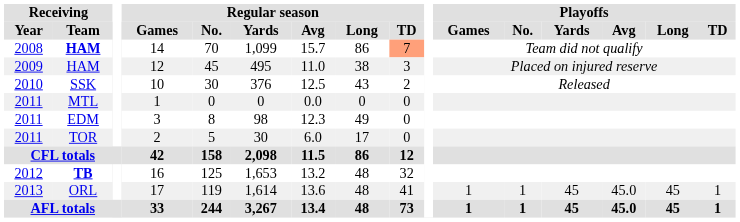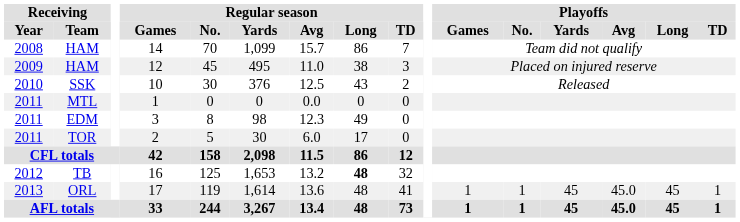 <table BORDER="0" CELLPADDING="1" CELLSPACING="0" width="65%" style="text-align:center">
 <tr bgcolor="#e0e0e0">
 <th colspan="2">Receiving</th>
 <th rowspan="99" bgcolor="#ffffff"> </th>
 <th colspan="6">Regular season</th>
 <th rowspan="99" bgcolor="#ffffff"> </th>
 <th colspan="6">Playoffs</th>
 </tr>
 <tr bgcolor="#e0e0e0">
 <th>Year</th>
 <th>Team</th>
 <th>Games</th>
 <th>No.</th>
 <th>Yards</th>
 <th>Avg</th>
 <th>Long</th>
 <th>TD</th>
 <th>Games</th>
 <th>No.</th>
 <th>Yards</th>
 <th>Avg</th>
 <th>Long</th>
 <th>TD</th>
 </tr>
 <tr ALIGN="center">
 <td><a href='#'>2008</a></td>
-<td><strong><a href='#'>HAM</a></strong></td>
+<td><a href='#'>HAM</a></td>
 <td>14</td>
 <td>70</td>
 <td>1,099</td>
 <td>15.7</td>
 <td>86</td>
-<td style="background: lightsalmon;">7</td>
+<td>7</td>
 <td colspan="6"><em>Team did not qualify</em></td>
 </tr>
 <tr ALIGN="center" bgcolor="#f0f0f0">
 <td><a href='#'>2009</a></td>
 <td><a href='#'>HAM</a></td>
 <td>12</td>
 <td>45</td>
 <td>495</td>
 <td>11.0</td>
 <td>38</td>
 <td>3</td>
 <td colspan="6"><em>Placed on injured reserve</em></td>
 </tr>
 <tr ALIGN="center">
 <td><a href='#'>2010</a></td>
 <td><a href='#'>SSK</a></td>
 <td>10</td>
 <td>30</td>
 <td>376</td>
 <td>12.5</td>
 <td>43</td>
 <td>2</td>
 <td colspan="6"><em>Released</em></td>
 </tr>
 <tr ALIGN="center" bgcolor="#f0f0f0">
 <td><a href='#'>2011</a></td>
 <td><a href='#'>MTL</a></td>
 <td>1</td>
 <td>0</td>
 <td>0</td>
 <td>0.0</td>
 <td>0</td>
 <td>0</td>
 <td colspan="6"></td>
 </tr>
 <tr ALIGN="center">
 <td><a href='#'>2011</a></td>
 <td><a href='#'>EDM</a></td>
 <td>3</td>
 <td>8</td>
 <td>98</td>
 <td>12.3</td>
 <td>49</td>
 <td>0</td>
 <td colspan="6"></td>
 </tr>
 <tr ALIGN="center" bgcolor="#f0f0f0">
 <td><a href='#'>2011</a></td>
 <td><a href='#'>TOR</a></td>
 <td>2</td>
 <td>5</td>
 <td>30</td>
 <td>6.0</td>
 <td>17</td>
 <td>0</td>
 <td colspan="6"></td>
 </tr>
 <tr bgcolor="#e0e0e0">
 <th colspan="3"><a href='#'>CFL totals</a></th>
 <th>42</th>
 <th>158</th>
 <th>2,098</th>
 <th>11.5</th>
 <th>86</th>
 <th>12</th>
 <td colspan="6"></td>
 </tr>
 <tr ALIGN="center">
 <td><a href='#'>2012</a></td>
-<td><strong><a href='#'>TB</a></strong></td>
+<td><a href='#'>TB</a></td>
 <td>16</td>
 <td>125</td>
 <td>1,653</td>
 <td>13.2</td>
-<td>48</td>
+<td><strong>48</strong></td>
 <td>32</td>
 <td colspan="6"></td>
 </tr>
 <tr ALIGN="center" bgcolor="#f0f0f0">
 <td><a href='#'>2013</a></td>
 <td><a href='#'>ORL</a></td>
 <td>17</td>
 <td>119</td>
 <td>1,614</td>
 <td>13.6</td>
 <td>48</td>
 <td>41</td>
 <td>1</td>
 <td>1</td>
 <td>45</td>
 <td>45.0</td>
 <td>45</td>
 <td>1</td>
 </tr>
 <tr bgcolor="#e0e0e0">
 <th colspan="3"><a href='#'>AFL totals</a></th>
 <th>33</th>
 <th>244</th>
 <th>3,267</th>
 <th>13.4</th>
 <th>48</th>
 <th>73</th>
 <th>1</th>
 <th>1</th>
 <th>45</th>
 <th>45.0</th>
 <th>45</th>
 <th>1</th>
 </tr>
 </table>
